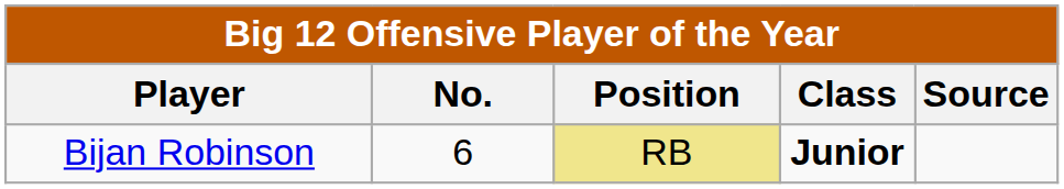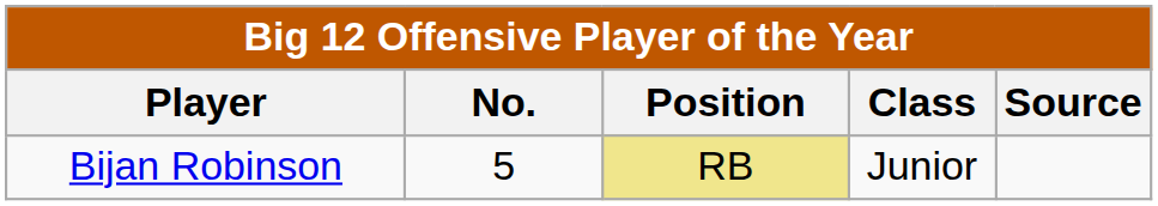 <table class="wikitable" style="text-align:center">
 <tr>
 <td colspan="6" style= "background: #BF5700; color:white"><strong>Big 12 Offensive Player of the Year</strong></td>
 </tr>
 <tr>
 <th style="width:150px; ">Player</th>
 <th style="width:70px; ">No.</th>
 <th style="width:90px; ">Position</th>
 <th style="width:50px; ">Class</th>
 <th style="width:10px; ">Source</th>
 </tr>
 <tr>
 <td><a href='#'>Bijan Robinson</a></td>
-<td>6</td>
+<td>5</td>
 <td style="background: khaki;">RB</td>
-<td><strong>Junior</strong></td>
+<td>Junior</td>
 <td></td>
 </tr>
 </table>
